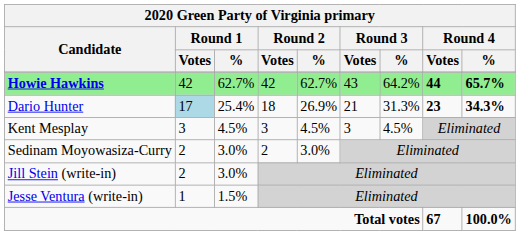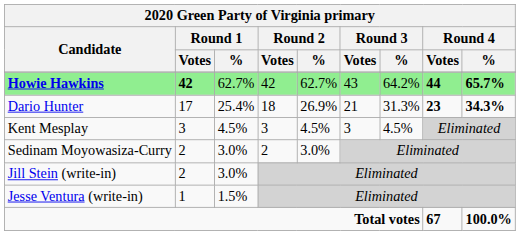 <table class="wikitable">
 <tr>
 <th colspan="16">2020 Green Party of Virginia primary</th>
 </tr>
 <tr>
 <th colspan="1" rowspan="2">Candidate</th>
 <th colspan="2">Round 1</th>
 <th colspan="2">Round 2</th>
 <th colspan="2">Round 3</th>
 <th colspan="2">Round 4</th>
 </tr>
 <tr>
 <th>Votes</th>
 <th>%</th>
 <th>Votes</th>
 <th>%</th>
 <th>Votes</th>
 <th>%</th>
 <th>Votes</th>
 <th>%</th>
 </tr>
 <tr>
 </tr>
 <tr style="background:lightgreen;">
 <td><strong><a href='#'>Howie Hawkins</a></strong></td>
-<td>42</td>
+<td><strong>42</strong></td>
 <td>62.7%</td>
 <td>42</td>
 <td>62.7%</td>
 <td>43</td>
 <td>64.2%</td>
 <td><strong>44</strong></td>
 <td><strong>65.7%</strong></td>
 </tr>
 <tr>
 <td><a href='#'>Dario Hunter</a></td>
-<td style="background: lightblue;">17</td>
+<td>17</td>
 <td>25.4%</td>
 <td>18</td>
 <td>26.9%</td>
 <td>21</td>
 <td>31.3%</td>
 <td><strong>23</strong></td>
 <td><strong>34.3%</strong></td>
 </tr>
 <tr>
 <td>Kent Mesplay</td>
 <td>3</td>
 <td>4.5%</td>
 <td>3</td>
 <td>4.5%</td>
 <td>3</td>
 <td>4.5%</td>
 <td colspan=2 bgcolor=lightgray align=center><em>Eliminated</em></td>
 </tr>
 <tr>
 <td>Sedinam Moyowasiza-Curry</td>
 <td>2</td>
 <td>3.0%</td>
 <td>2</td>
 <td>3.0%</td>
 <td colspan="4" bgcolor="lightgray" align="center"><em>Eliminated</em></td>
 </tr>
 <tr>
 <td><a href='#'>Jill Stein</a> (write-in)</td>
 <td>2</td>
 <td>3.0%</td>
 <td colspan="8" bgcolor="lightgray" align="center"><em>Eliminated</em></td>
 </tr>
 <tr>
 <td><a href='#'>Jesse Ventura</a> (write-in)</td>
 <td>1</td>
 <td>1.5%</td>
 <td colspan="7" bgcolor="lightgray" align="center"><em>Eliminated</em></td>
 </tr>
 <tr>
 <td colspan="7" align="right"><strong>Total votes</strong></td>
 <td><strong>67</strong></td>
 <td><strong>100.0%</strong></td>
 </tr>
 </table>
